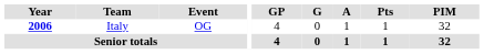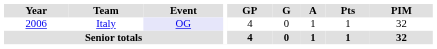 <table border="0" cellpadding="1" cellspacing="0" ID="Table3" style="text-align:center; width:40em">
 <tr ALIGN="center" bgcolor="#e0e0e0">
 <th>Year</th>
 <th>Team</th>
 <th>Event</th>
 <th rowspan="99" bgcolor="#ffffff"></th>
 <th>GP</th>
 <th>G</th>
 <th>A</th>
 <th>Pts</th>
 <th>PIM</th>
 </tr>
 <tr>
-<td><strong><a href='#'>2006</a></strong></td>
+<td><a href='#'>2006</a></td>
 <td><a href='#'>Italy</a></td>
-<td><a href='#'>OG</a></td>
+<td style="background: lavender;"><a href='#'>OG</a></td>
 <td>4</td>
 <td>0</td>
 <td>1</td>
 <td>1</td>
 <td>32</td>
 </tr>
 <tr bgcolor="#e0e0e0">
 <th colspan="3">Senior totals</th>
 <th>4</th>
 <th>0</th>
 <th>1</th>
 <th>1</th>
 <th>32</th>
 </tr>
 </table>
